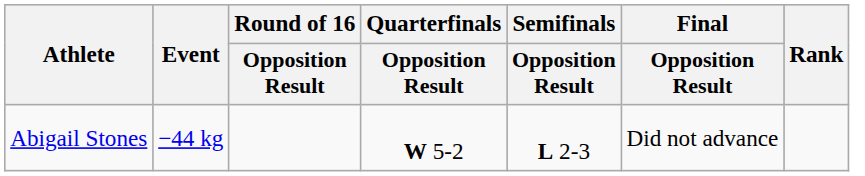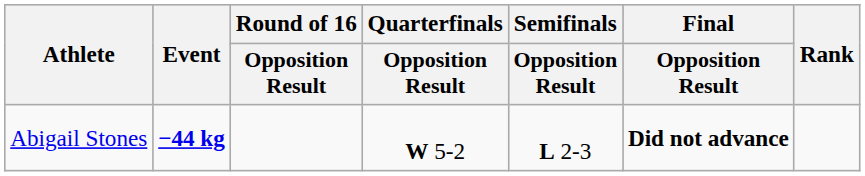 <table class="wikitable" style="font-size:90%;">
 <tr>
 <th rowspan=2>Athlete</th>
 <th rowspan=2>Event</th>
 <th>Round of 16</th>
 <th>Quarterfinals</th>
 <th>Semifinals</th>
 <th>Final</th>
 <th rowspan=2>Rank</th>
 </tr>
 <tr style="font-size:95%">
 <th>Opposition<br>Result</th>
 <th>Opposition<br>Result</th>
 <th>Opposition<br>Result</th>
 <th>Opposition<br>Result</th>
 </tr>
 <tr align=center>
 <td align=left><a href='#'>Abigail Stones</a></td>
-<td align=left><a href='#'>−44 kg</a></td>
+<td align=left><strong><a href='#'>−44 kg</a></strong></td>
 <td></td>
 <td> <br><strong>W</strong> 5-2</td>
 <td> <br><strong>L</strong> 2-3</td>
-<td>Did not advance</td>
+<td><strong>Did not advance</strong></td>
 <td></td>
 </tr>
 </table>
